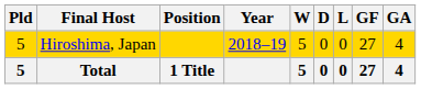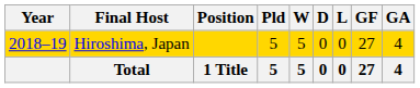 <table class="wikitable" style="text-align: center;">
 <tr>
-<th>Pld</th>
+<th>Year</th>
 <th>Final Host</th>
 <th>Position</th>
-<th>Year</th>
+<th>Pld</th>
 <th>W</th>
 <th>D</th>
 <th>L</th>
 <th>GF</th>
 <th>GA</th>
 </tr>
 <tr bgcolor=gold>
-<td>5</td>
+<td><a href='#'>2018–19</a></td>
 <td align=left> <a href='#'>Hiroshima</a>, Japan</td>
 <td></td>
-<td><a href='#'>2018–19</a></td>
+<td>5</td>
 <td>5</td>
 <td>0</td>
 <td>0</td>
 <td>27</td>
 <td>4</td>
 </tr>
 <tr>
-<th>5</th>
+<th></th>
 <th>Total</th>
 <th><strong>1 Title</strong></th>
-<th></th>
+<th>5</th>
 <th>5</th>
 <th>0</th>
 <th>0</th>
 <th>27</th>
 <th>4</th>
 </tr>
 </table>
